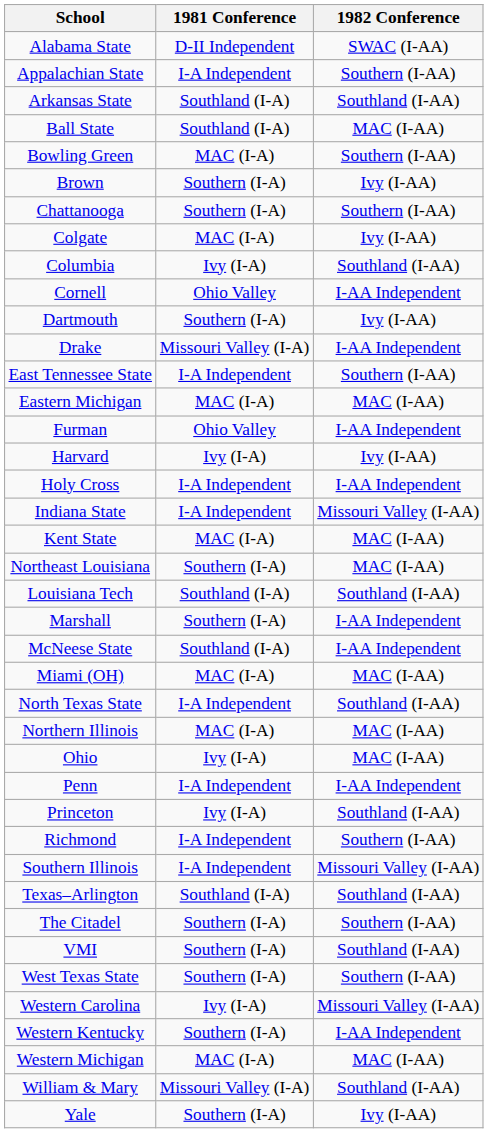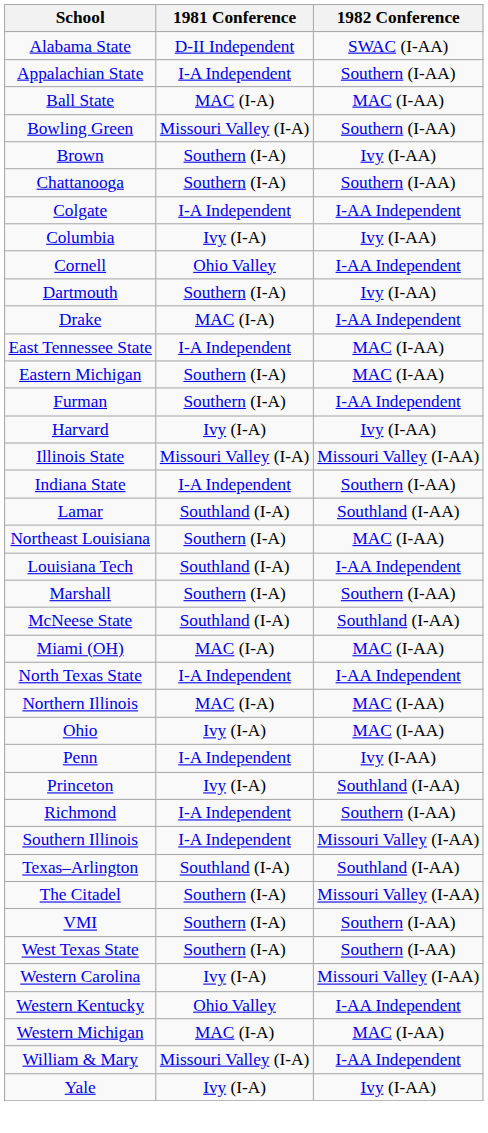 <table class="wikitable sortable">
 <tr>
 <th>School</th>
 <th>1981 Conference</th>
 <th>1982 Conference</th>
 </tr>
 <tr style="text-align:center;">
 <td><a href='#'>Alabama State</a></td>
 <td><a href='#'>D-II Independent</a></td>
 <td><a href='#'>SWAC</a> (I-AA)</td>
 </tr>
 <tr style="text-align:center;">
 <td><a href='#'>Appalachian State</a></td>
 <td><a href='#'>I-A Independent</a></td>
 <td><a href='#'>Southern</a> (I-AA)</td>
 </tr>
 <tr style="text-align:center;">
-<td><a href='#'>Arkansas State</a></td>
-<td><a href='#'>Southland</a> (I-A)</td>
-<td><a href='#'>Southland</a> (I-AA)</td>
-</tr>
-<tr style="text-align:center;">
 <td><a href='#'>Ball State</a></td>
-<td><a href='#'>Southland</a> (I-A)</td>
+<td><a href='#'>MAC</a> (I-A)</td>
 <td><a href='#'>MAC</a> (I-AA)</td>
 </tr>
 <tr style="text-align:center;">
 <td><a href='#'>Bowling Green</a></td>
-<td><a href='#'>MAC</a> (I-A)</td>
+<td><a href='#'>Missouri Valley</a> (I-A)</td>
 <td><a href='#'>Southern</a> (I-AA)</td>
 </tr>
 <tr style="text-align:center;">
 <td><a href='#'>Brown</a></td>
 <td><a href='#'>Southern</a> (I-A)</td>
 <td><a href='#'>Ivy</a> (I-AA)</td>
 </tr>
 <tr style="text-align:center;">
 <td><a href='#'>Chattanooga</a></td>
 <td><a href='#'>Southern</a> (I-A)</td>
 <td><a href='#'>Southern</a> (I-AA)</td>
 </tr>
 <tr style="text-align:center;">
 <td><a href='#'>Colgate</a></td>
-<td><a href='#'>MAC</a> (I-A)</td>
-<td><a href='#'>Ivy</a> (I-AA)</td>
+<td><a href='#'>I-A Independent</a></td>
+<td><a href='#'>I-AA Independent</a></td>
 </tr>
 <tr style="text-align:center;">
 <td><a href='#'>Columbia</a></td>
 <td><a href='#'>Ivy</a> (I-A)</td>
-<td><a href='#'>Southland</a> (I-AA)</td>
+<td><a href='#'>Ivy</a> (I-AA)</td>
 </tr>
 <tr style="text-align:center;">
 <td><a href='#'>Cornell</a></td>
 <td><a href='#'>Ohio Valley</a></td>
 <td><a href='#'>I-AA Independent</a></td>
 </tr>
 <tr style="text-align:center;">
 <td><a href='#'>Dartmouth</a></td>
 <td><a href='#'>Southern</a> (I-A)</td>
 <td><a href='#'>Ivy</a> (I-AA)</td>
 </tr>
 <tr style="text-align:center;">
 <td><a href='#'>Drake</a></td>
-<td><a href='#'>Missouri Valley</a> (I-A)</td>
+<td><a href='#'>MAC</a> (I-A)</td>
 <td><a href='#'>I-AA Independent</a></td>
 </tr>
 <tr style="text-align:center;">
 <td><a href='#'>East Tennessee State</a></td>
 <td><a href='#'>I-A Independent</a></td>
-<td><a href='#'>Southern</a> (I-AA)</td>
+<td><a href='#'>MAC</a> (I-AA)</td>
 </tr>
 <tr style="text-align:center;">
 <td><a href='#'>Eastern Michigan</a></td>
-<td><a href='#'>MAC</a> (I-A)</td>
+<td><a href='#'>Southern</a> (I-A)</td>
 <td><a href='#'>MAC</a> (I-AA)</td>
 </tr>
 <tr style="text-align:center;">
 <td><a href='#'>Furman</a></td>
-<td><a href='#'>Ohio Valley</a></td>
+<td><a href='#'>Southern</a> (I-A)</td>
 <td><a href='#'>I-AA Independent</a></td>
 </tr>
 <tr style="text-align:center;">
 <td><a href='#'>Harvard</a></td>
 <td><a href='#'>Ivy</a> (I-A)</td>
 <td><a href='#'>Ivy</a> (I-AA)</td>
 </tr>
 <tr style="text-align:center;">
-<td><a href='#'>Holy Cross</a></td>
-<td><a href='#'>I-A Independent</a></td>
-<td><a href='#'>I-AA Independent</a></td>
+<td><a href='#'>Illinois State</a></td>
+<td><a href='#'>Missouri Valley</a> (I-A)</td>
+<td><a href='#'>Missouri Valley</a> (I-AA)</td>
 </tr>
 <tr style="text-align:center;">
 <td><a href='#'>Indiana State</a></td>
 <td><a href='#'>I-A Independent</a></td>
-<td><a href='#'>Missouri Valley</a> (I-AA)</td>
+<td><a href='#'>Southern</a> (I-AA)</td>
 </tr>
 <tr style="text-align:center;">
-<td><a href='#'>Kent State</a></td>
-<td><a href='#'>MAC</a> (I-A)</td>
-<td><a href='#'>MAC</a> (I-AA)</td>
+<td><a href='#'>Lamar</a></td>
+<td><a href='#'>Southland</a> (I-A)</td>
+<td><a href='#'>Southland</a> (I-AA)</td>
 </tr>
 <tr style="text-align:center;">
 <td><a href='#'>Northeast Louisiana</a></td>
 <td><a href='#'>Southern</a> (I-A)</td>
 <td><a href='#'>MAC</a> (I-AA)</td>
 </tr>
 <tr style="text-align:center;">
 <td><a href='#'>Louisiana Tech</a></td>
 <td><a href='#'>Southland</a> (I-A)</td>
-<td><a href='#'>Southland</a> (I-AA)</td>
+<td><a href='#'>I-AA Independent</a></td>
 </tr>
 <tr style="text-align:center;">
 <td><a href='#'>Marshall</a></td>
 <td><a href='#'>Southern</a> (I-A)</td>
-<td><a href='#'>I-AA Independent</a></td>
+<td><a href='#'>Southern</a> (I-AA)</td>
 </tr>
 <tr style="text-align:center;">
 <td><a href='#'>McNeese State</a></td>
 <td><a href='#'>Southland</a> (I-A)</td>
-<td><a href='#'>I-AA Independent</a></td>
+<td><a href='#'>Southland</a> (I-AA)</td>
 </tr>
 <tr style="text-align:center;">
 <td><a href='#'>Miami (OH)</a></td>
 <td><a href='#'>MAC</a> (I-A)</td>
 <td><a href='#'>MAC</a> (I-AA)</td>
 </tr>
 <tr style="text-align:center;">
 <td><a href='#'>North Texas State</a></td>
 <td><a href='#'>I-A Independent</a></td>
-<td><a href='#'>Southland</a> (I-AA)</td>
+<td><a href='#'>I-AA Independent</a></td>
 </tr>
 <tr style="text-align:center;">
 <td><a href='#'>Northern Illinois</a></td>
 <td><a href='#'>MAC</a> (I-A)</td>
 <td><a href='#'>MAC</a> (I-AA)</td>
 </tr>
 <tr style="text-align:center;">
 <td><a href='#'>Ohio</a></td>
 <td><a href='#'>Ivy</a> (I-A)</td>
 <td><a href='#'>MAC</a> (I-AA)</td>
 </tr>
 <tr style="text-align:center;">
 <td><a href='#'>Penn</a></td>
 <td><a href='#'>I-A Independent</a></td>
-<td><a href='#'>I-AA Independent</a></td>
+<td><a href='#'>Ivy</a> (I-AA)</td>
 </tr>
 <tr style="text-align:center;">
 <td><a href='#'>Princeton</a></td>
 <td><a href='#'>Ivy</a> (I-A)</td>
 <td><a href='#'>Southland</a> (I-AA)</td>
 </tr>
 <tr style="text-align:center;">
 <td><a href='#'>Richmond</a></td>
 <td><a href='#'>I-A Independent</a></td>
 <td><a href='#'>Southern</a> (I-AA)</td>
 </tr>
 <tr style="text-align:center;">
 <td><a href='#'>Southern Illinois</a></td>
 <td><a href='#'>I-A Independent</a></td>
 <td><a href='#'>Missouri Valley</a> (I-AA)</td>
 </tr>
 <tr style="text-align:center;">
 <td><a href='#'>Texas–Arlington</a></td>
 <td><a href='#'>Southland</a> (I-A)</td>
 <td><a href='#'>Southland</a> (I-AA)</td>
 </tr>
 <tr style="text-align:center;">
 <td><a href='#'>The Citadel</a></td>
 <td><a href='#'>Southern</a> (I-A)</td>
-<td><a href='#'>Southern</a> (I-AA)</td>
+<td><a href='#'>Missouri Valley</a> (I-AA)</td>
 </tr>
 <tr style="text-align:center;">
 <td><a href='#'>VMI</a></td>
 <td><a href='#'>Southern</a> (I-A)</td>
-<td><a href='#'>Southland</a> (I-AA)</td>
+<td><a href='#'>Southern</a> (I-AA)</td>
 </tr>
 <tr style="text-align:center;">
 <td><a href='#'>West Texas State</a></td>
 <td><a href='#'>Southern</a> (I-A)</td>
 <td><a href='#'>Southern</a> (I-AA)</td>
 </tr>
 <tr style="text-align:center;">
 <td><a href='#'>Western Carolina</a></td>
 <td><a href='#'>Ivy</a> (I-A)</td>
 <td><a href='#'>Missouri Valley</a> (I-AA)</td>
 </tr>
 <tr style="text-align:center;">
 <td><a href='#'>Western Kentucky</a></td>
-<td><a href='#'>Southern</a> (I-A)</td>
+<td><a href='#'>Ohio Valley</a></td>
 <td><a href='#'>I-AA Independent</a></td>
 </tr>
 <tr style="text-align:center;">
 <td><a href='#'>Western Michigan</a></td>
 <td><a href='#'>MAC</a> (I-A)</td>
 <td><a href='#'>MAC</a> (I-AA)</td>
 </tr>
 <tr style="text-align:center;">
 <td><a href='#'>William & Mary</a></td>
 <td><a href='#'>Missouri Valley</a> (I-A)</td>
-<td><a href='#'>Southland</a> (I-AA)</td>
+<td><a href='#'>I-AA Independent</a></td>
 </tr>
 <tr style="text-align:center;">
 <td><a href='#'>Yale</a></td>
-<td><a href='#'>Southern</a> (I-A)</td>
+<td><a href='#'>Ivy</a> (I-A)</td>
 <td><a href='#'>Ivy</a> (I-AA)</td>
 </tr>
 </table>
